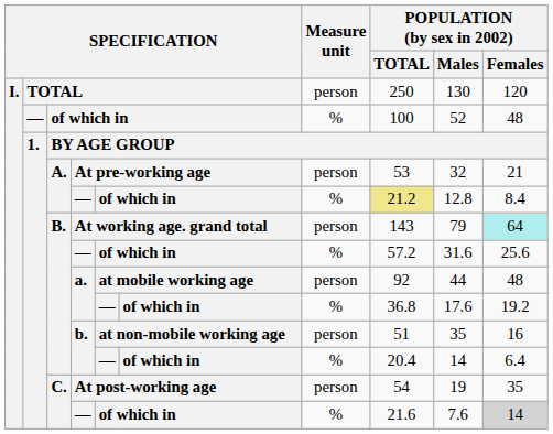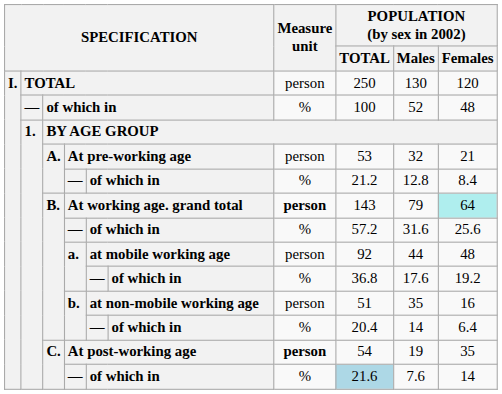 <table class="wikitable" style="font-size:85%; text-align:center">
 <tr>
 <th rowspan="2" colspan="6">SPECIFICATION</th>
 <th rowspan="2">Measure<br> unit</th>
 <th colspan="3" rowspan="1">POPULATION<br> (by sex in 2002)</th>
 </tr>
 <tr>
 <th>TOTAL</th>
 <th>Males</th>
 <th>Females</th>
 </tr>
 <tr>
 <th style="text-align:left" valign="top" rowspan="13">I.</th>
 <th style="text-align:left" colspan="5">TOTAL</th>
 <td>person</td>
 <td>250</td>
 <td>130</td>
 <td>120</td>
 </tr>
 <tr>
 <th style="text-align:left" valign="top">—</th>
 <th style="text-align:left" colspan="4">of which in</th>
 <td>%</td>
 <td>100</td>
 <td>52</td>
 <td>48</td>
 </tr>
 <tr>
 <th style="text-align:left" valign="top" rowspan="11">1.</th>
 <th style="text-align:left" colspan="19">BY AGE GROUP</th>
 </tr>
 <tr>
 <th style="text-align:left" valign="top" rowspan="2">A.</th>
 <th style="text-align:left" colspan="3">At pre-working age</th>
 <td>person</td>
 <td>53</td>
 <td>32</td>
 <td>21</td>
 </tr>
 <tr>
 <th style="text-align:left" valign="top">—</th>
 <th style="text-align:left" valign="top" colspan="2">of which in</th>
 <td>%</td>
-<td style="background: khaki;">21.2</td>
+<td>21.2</td>
 <td>12.8</td>
 <td>8.4</td>
 </tr>
 <tr>
 <th style="text-align:left" valign="top" rowspan="6">B.</th>
 <th style="text-align:left" colspan="3">At working age. grand total</th>
-<td>person</td>
+<td><strong>person</strong></td>
 <td>143</td>
 <td>79</td>
 <td style="background: paleturquoise;">64</td>
 </tr>
 <tr>
 <th style="text-align:left" valign="top">—</th>
 <th style="text-align:left" valign="top" colspan="2">of which in</th>
 <td>%</td>
 <td>57.2</td>
 <td>31.6</td>
 <td>25.6</td>
 </tr>
 <tr>
 <th style="text-align:left" valign="top" rowspan="2">a.</th>
 <th style="text-align:left" colspan="2">at mobile working age</th>
 <td>person</td>
 <td>92</td>
 <td>44</td>
 <td>48</td>
 </tr>
 <tr>
 <th style="text-align:left" valign="top">—</th>
 <th style="text-align:left" valign="top" colspan="1">of which in                        </th>
 <td>%</td>
 <td>36.8</td>
 <td>17.6</td>
 <td>19.2</td>
 </tr>
 <tr>
 <th style="text-align:left" valign="top" rowspan="2">b.</th>
 <th style="text-align:left" colspan="2">at non-mobile working age</th>
 <td>person</td>
 <td>51</td>
 <td>35</td>
 <td>16</td>
 </tr>
 <tr>
 <th style="text-align:left" valign="top">—</th>
 <th style="text-align:left" valign="top" colspan="1">of which in                        </th>
 <td>%</td>
 <td>20.4</td>
 <td>14</td>
 <td>6.4</td>
 </tr>
 <tr>
 <th style="text-align:left" valign="top" rowspan="2">C.</th>
 <th style="text-align:left" colspan="3">At post-working age</th>
-<td>person</td>
+<td><strong>person</strong></td>
 <td>54</td>
 <td>19</td>
 <td>35</td>
 </tr>
 <tr>
 <th style="text-align:left" valign="top">—</th>
 <th style="text-align:left" valign="top" colspan="2">of which in</th>
 <td>%</td>
-<td>21.6</td>
+<td style="background: lightblue;">21.6</td>
 <td>7.6</td>
-<td style="background: lightgrey;">14</td>
+<td>14</td>
 </tr>
 </table>
